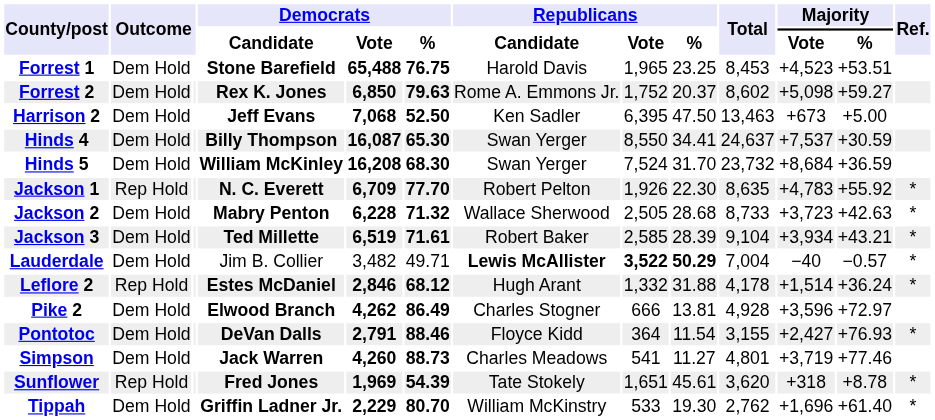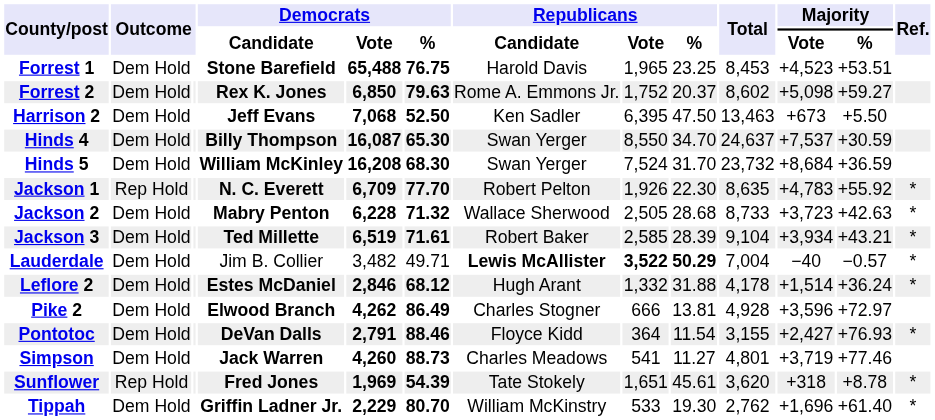 <table class="toccolours sortable" style="text-align:center;">
 <tr style="background:lavender">
 <th rowspan="3">County/post</th>
 <th rowspan="3" colspan="2">Outcome</th>
 <th colspan=3><a href='#'>Democrats</a></th>
 <th colspan=3><a href='#'>Republicans</a></th>
 <th rowspan="3">Total</th>
 <th colspan="2">Majority</th>
 <th rowspan="3" class="unsortable">Ref.</th>
 </tr>
 <tr>
 <th colspan=3 style="background-color:"></th>
 <th colspan=3 style="background-color:"></th>
 <th colspan=2 style="background-color:#000000"></th>
 </tr>
 <tr>
 <th align="center">Candidate</th>
 <th align="center">Vote</th>
 <th align="center">%</th>
 <th align="center">Candidate</th>
 <th align="center">Vote</th>
 <th align="center">%</th>
 <th align="center">Vote</th>
 <th align="center">%</th>
 </tr>
 <tr>
 <th><a href='#'>Forrest</a> 1</th>
 <td>Dem Hold</td>
 <td style="background-color:"></td>
 <td><strong>Stone Barefield</strong></td>
 <td><strong>65,488</strong></td>
 <td><strong>76.75</strong></td>
 <td>Harold Davis</td>
 <td>1,965</td>
 <td>23.25</td>
 <td>8,453</td>
 <td>+4,523</td>
 <td>+53.51</td>
 <td></td>
 </tr>
 <tr style="background:#EEEEEE;">
 <th><a href='#'>Forrest</a> 2</th>
 <td>Dem Hold</td>
 <td style="background-color:"></td>
 <td><strong>Rex K. Jones</strong></td>
 <td><strong>6,850</strong></td>
 <td><strong>79.63</strong></td>
 <td>Rome A. Emmons Jr.</td>
 <td>1,752</td>
 <td>20.37</td>
 <td>8,602</td>
 <td>+5,098</td>
 <td>+59.27</td>
 <td></td>
 </tr>
 <tr>
 <th><a href='#'>Harrison</a> 2</th>
 <td>Dem Hold</td>
 <td style="background-color:"></td>
 <td><strong>Jeff Evans</strong></td>
 <td><strong>7,068</strong></td>
 <td><strong>52.50</strong></td>
 <td>Ken Sadler</td>
 <td>6,395</td>
 <td>47.50</td>
 <td>13,463</td>
 <td>+673</td>
-<td>+5.00</td>
+<td>+5.50</td>
 <td></td>
 </tr>
 <tr style="background:#EEEEEE;">
 <th><a href='#'>Hinds</a> 4</th>
 <td>Dem Hold</td>
 <td style="background-color:"></td>
 <td><strong>Billy Thompson</strong></td>
 <td><strong>16,087</strong></td>
 <td><strong>65.30</strong></td>
 <td>Swan Yerger</td>
 <td>8,550</td>
-<td>34.41</td>
+<td>34.70</td>
 <td>24,637</td>
 <td>+7,537</td>
 <td>+30.59</td>
 <td></td>
 </tr>
 <tr>
 <th><a href='#'>Hinds</a> 5</th>
 <td>Dem Hold</td>
 <td style="background-color:"></td>
 <td><strong>William McKinley</strong></td>
 <td><strong>16,208</strong></td>
 <td><strong>68.30</strong></td>
 <td>Swan Yerger</td>
 <td>7,524</td>
 <td>31.70</td>
 <td>23,732</td>
 <td>+8,684</td>
 <td>+36.59</td>
 <td></td>
 </tr>
 <tr style="background:#EEEEEE;">
 <th><a href='#'>Jackson</a> 1</th>
 <td>Rep Hold</td>
 <td style="background-color:"></td>
 <td><strong>N. C. Everett</strong></td>
 <td><strong>6,709</strong></td>
 <td><strong>77.70</strong></td>
 <td>Robert Pelton</td>
 <td>1,926</td>
 <td>22.30</td>
 <td>8,635</td>
 <td>+4,783</td>
 <td>+55.92</td>
 <td>*</td>
 </tr>
 <tr>
 <th><a href='#'>Jackson</a> 2</th>
 <td>Dem Hold</td>
 <td style="background-color:"></td>
 <td><strong>Mabry Penton</strong></td>
 <td><strong>6,228</strong></td>
 <td><strong>71.32</strong></td>
 <td>Wallace Sherwood</td>
 <td>2,505</td>
 <td>28.68</td>
 <td>8,733</td>
 <td>+3,723</td>
 <td>+42.63</td>
 <td>*</td>
 </tr>
 <tr style="background:#EEEEEE;">
 <th><a href='#'>Jackson</a> 3</th>
 <td>Dem Hold</td>
 <td style="background-color:"></td>
 <td><strong>Ted Millette</strong></td>
 <td><strong>6,519</strong></td>
 <td><strong>71.61</strong></td>
 <td>Robert Baker</td>
 <td>2,585</td>
 <td>28.39</td>
 <td>9,104</td>
 <td>+3,934</td>
 <td>+43.21</td>
 <td>*</td>
 </tr>
 <tr>
 <th><a href='#'>Lauderdale</a></th>
 <td>Dem Hold</td>
 <td style="background-color:"></td>
 <td>Jim B. Collier</td>
 <td>3,482</td>
 <td>49.71</td>
 <td><strong>Lewis McAllister</strong></td>
 <td><strong>3,522</strong></td>
 <td><strong>50.29</strong></td>
 <td>7,004</td>
 <td>−40</td>
 <td>−0.57</td>
 <td>*</td>
 </tr>
 <tr style="background:#EEEEEE;">
 <th><a href='#'>Leflore</a> 2</th>
-<td>Rep Hold</td>
+<td>Dem Hold</td>
 <td style="background-color:"></td>
 <td><strong>Estes McDaniel</strong></td>
 <td><strong>2,846</strong></td>
 <td><strong>68.12</strong></td>
 <td>Hugh Arant</td>
 <td>1,332</td>
 <td>31.88</td>
 <td>4,178</td>
 <td>+1,514</td>
 <td>+36.24</td>
 <td>*</td>
 </tr>
 <tr>
 <th><a href='#'>Pike</a> 2</th>
 <td>Dem Hold</td>
 <td style="background-color:"></td>
 <td><strong>Elwood Branch</strong></td>
 <td><strong>4,262</strong></td>
 <td><strong>86.49</strong></td>
 <td>Charles Stogner</td>
 <td>666</td>
 <td>13.81</td>
 <td>4,928</td>
 <td>+3,596</td>
 <td>+72.97</td>
 <td></td>
 </tr>
 <tr style="background:#EEEEEE;">
 <th><a href='#'>Pontotoc</a></th>
 <td>Dem Hold</td>
 <td style="background-color:"></td>
 <td><strong>DeVan Dalls</strong></td>
 <td><strong>2,791</strong></td>
 <td><strong>88.46</strong></td>
 <td>Floyce Kidd</td>
 <td>364</td>
 <td>11.54</td>
 <td>3,155</td>
 <td>+2,427</td>
 <td>+76.93</td>
 <td>*</td>
 </tr>
 <tr>
 <th><a href='#'>Simpson</a></th>
 <td>Dem Hold</td>
 <td style="background-color:"></td>
 <td><strong>Jack Warren</strong></td>
 <td><strong>4,260</strong></td>
 <td><strong>88.73</strong></td>
 <td>Charles Meadows</td>
 <td>541</td>
 <td>11.27</td>
 <td>4,801</td>
 <td>+3,719</td>
 <td>+77.46</td>
 <td></td>
 </tr>
 <tr style="background:#EEEEEE;">
 <th><a href='#'>Sunflower</a></th>
 <td>Rep Hold</td>
 <td style="background-color:"></td>
 <td><strong>Fred Jones</strong></td>
 <td><strong>1,969</strong></td>
 <td><strong>54.39</strong></td>
 <td>Tate Stokely</td>
 <td>1,651</td>
 <td>45.61</td>
 <td>3,620</td>
 <td>+318</td>
 <td>+8.78</td>
 <td>*</td>
 </tr>
 <tr>
 <th><a href='#'>Tippah</a></th>
 <td>Dem Hold</td>
 <td style="background-color:"></td>
 <td><strong>Griffin Ladner Jr.</strong></td>
 <td><strong>2,229</strong></td>
 <td><strong>80.70</strong></td>
 <td>William McKinstry</td>
 <td>533</td>
 <td>19.30</td>
 <td>2,762</td>
 <td>+1,696</td>
 <td>+61.40</td>
 <td>*</td>
 </tr>
 </table>
